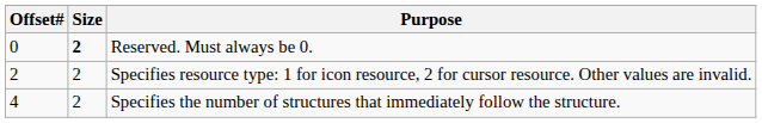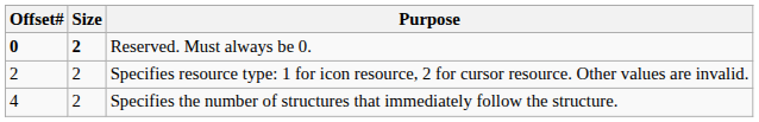 <table class="wikitable" style="margin: 1em auto">
 <tr>
 </tr>
 <tr>
 <th>Offset#</th>
 <th>Size</th>
 <th>Purpose</th>
 </tr>
 <tr>
-<td>0</td>
+<td><strong>0</strong></td>
 <td><strong>2</strong></td>
 <td>Reserved. Must always be 0.</td>
 </tr>
 <tr>
 <td>2</td>
 <td>2</td>
 <td>Specifies resource type: 1 for icon resource, 2 for cursor resource. Other values are invalid.</td>
 </tr>
 <tr>
 <td>4</td>
 <td>2</td>
 <td>Specifies the number of  structures that immediately follow the  structure.</td>
 </tr>
 </table>
